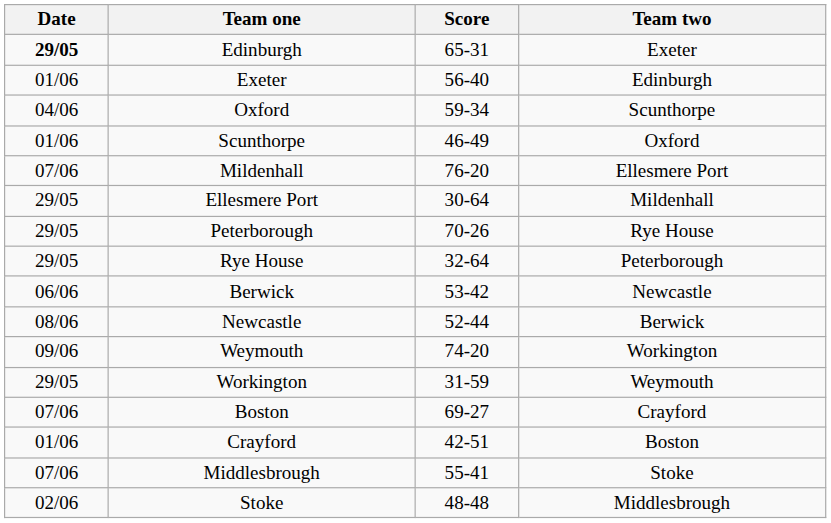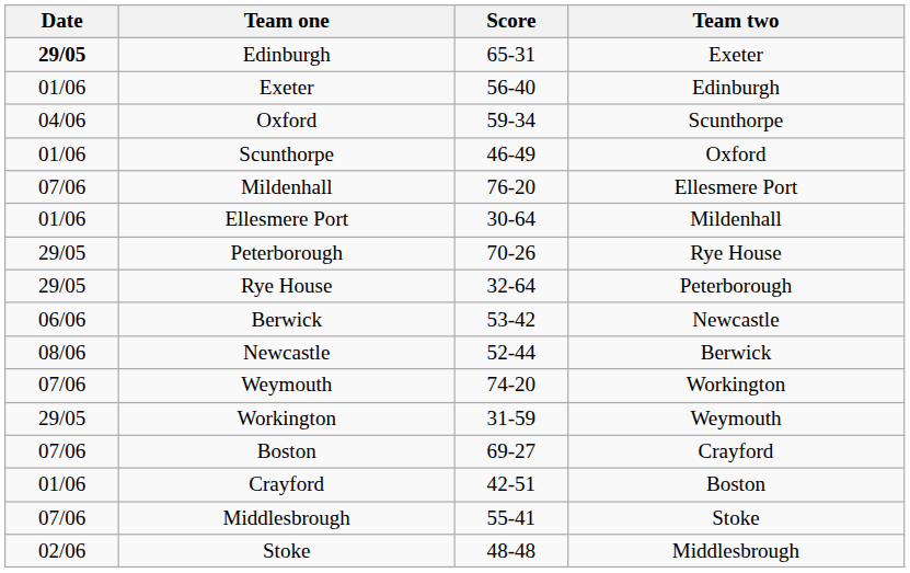 <table class="wikitable" style="text-align: center">
 <tr>
 <th width=80>Date</th>
 <th width=250>Team one</th>
 <th width=80>Score</th>
 <th width=250>Team two</th>
 </tr>
 <tr>
 <td><strong>29/05</strong></td>
 <td>Edinburgh</td>
 <td>65-31</td>
 <td>Exeter</td>
 </tr>
 <tr>
 <td>01/06</td>
 <td>Exeter</td>
 <td>56-40</td>
 <td>Edinburgh</td>
 </tr>
 <tr>
 <td>04/06</td>
 <td>Oxford</td>
 <td>59-34</td>
 <td>Scunthorpe</td>
 </tr>
 <tr>
 <td>01/06</td>
 <td>Scunthorpe</td>
 <td>46-49</td>
 <td>Oxford</td>
 </tr>
 <tr>
 <td>07/06</td>
 <td>Mildenhall</td>
 <td>76-20</td>
 <td>Ellesmere Port</td>
 </tr>
 <tr>
-<td>29/05</td>
+<td>01/06</td>
 <td>Ellesmere Port</td>
 <td>30-64</td>
 <td>Mildenhall</td>
 </tr>
 <tr>
 <td>29/05</td>
 <td>Peterborough</td>
 <td>70-26</td>
 <td>Rye House</td>
 </tr>
 <tr>
 <td>29/05</td>
 <td>Rye House</td>
 <td>32-64</td>
 <td>Peterborough</td>
 </tr>
 <tr>
 <td>06/06</td>
 <td>Berwick</td>
 <td>53-42</td>
 <td>Newcastle</td>
 </tr>
 <tr>
 <td>08/06</td>
 <td>Newcastle</td>
 <td>52-44</td>
 <td>Berwick</td>
 </tr>
 <tr>
-<td>09/06</td>
+<td>07/06</td>
 <td>Weymouth</td>
 <td>74-20</td>
 <td>Workington</td>
 </tr>
 <tr>
 <td>29/05</td>
 <td>Workington</td>
 <td>31-59</td>
 <td>Weymouth</td>
 </tr>
 <tr>
 <td>07/06</td>
 <td>Boston</td>
 <td>69-27</td>
 <td>Crayford</td>
 </tr>
 <tr>
 <td>01/06</td>
 <td>Crayford</td>
 <td>42-51</td>
 <td>Boston</td>
 </tr>
 <tr>
 <td>07/06</td>
 <td>Middlesbrough</td>
 <td>55-41</td>
 <td>Stoke</td>
 </tr>
 <tr>
 <td>02/06</td>
 <td>Stoke</td>
 <td>48-48</td>
 <td>Middlesbrough</td>
 </tr>
 </table>
